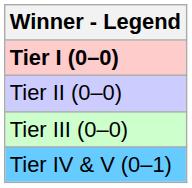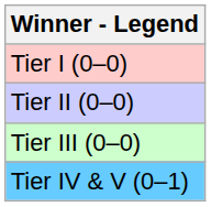 <table class=wikitable style=font-size:97%>
 <tr>
 <th>Winner - Legend</th>
 </tr>
 <tr>
-<td bgcolor=#ffcccc><strong>Tier I (0–0)</strong></td>
+<td bgcolor=#ffcccc>Tier I (0–0)</td>
 </tr>
 <tr>
 <td bgcolor=#ccccff>Tier II (0–0)</td>
 </tr>
 <tr>
 <td bgcolor=#CCFFCC>Tier III (0–0)</td>
 </tr>
 <tr>
 <td bgcolor=#66CCFF>Tier IV & V (0–1)</td>
 </tr>
 </table>
